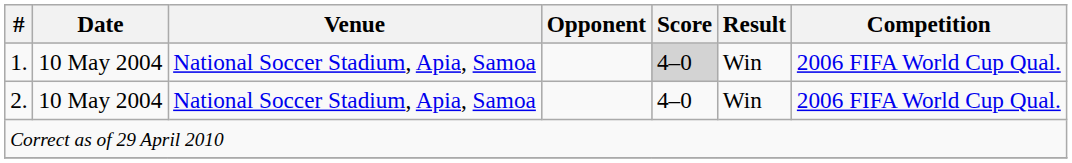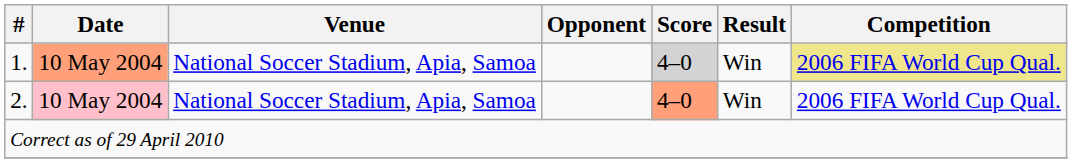 <table class="wikitable" style="font-size:95%;">
 <tr>
 <th>#</th>
 <th>Date</th>
 <th>Venue</th>
 <th>Opponent</th>
 <th>Score</th>
 <th>Result</th>
 <th>Competition</th>
 </tr>
 <tr>
 <td>1.</td>
-<td>10 May 2004</td>
+<td style="background: lightsalmon;">10 May 2004</td>
 <td><a href='#'>National Soccer Stadium</a>, <a href='#'>Apia</a>, <a href='#'>Samoa</a></td>
 <td></td>
 <td style="background: lightgrey;">4–0</td>
 <td>Win</td>
-<td><a href='#'>2006 FIFA World Cup Qual.</a></td>
+<td style="background: khaki;"><a href='#'>2006 FIFA World Cup Qual.</a></td>
 </tr>
 <tr>
 <td>2.</td>
-<td>10 May 2004</td>
+<td style="background: pink;">10 May 2004</td>
 <td><a href='#'>National Soccer Stadium</a>, <a href='#'>Apia</a>, <a href='#'>Samoa</a></td>
 <td></td>
-<td>4–0</td>
+<td style="background: lightsalmon;">4–0</td>
 <td>Win</td>
 <td><a href='#'>2006 FIFA World Cup Qual.</a></td>
 </tr>
 <tr>
 <td colspan="12"><small><em>Correct as of 29 April 2010</em></small></td>
 </tr>
 <tr>
 </tr>
 </table>
